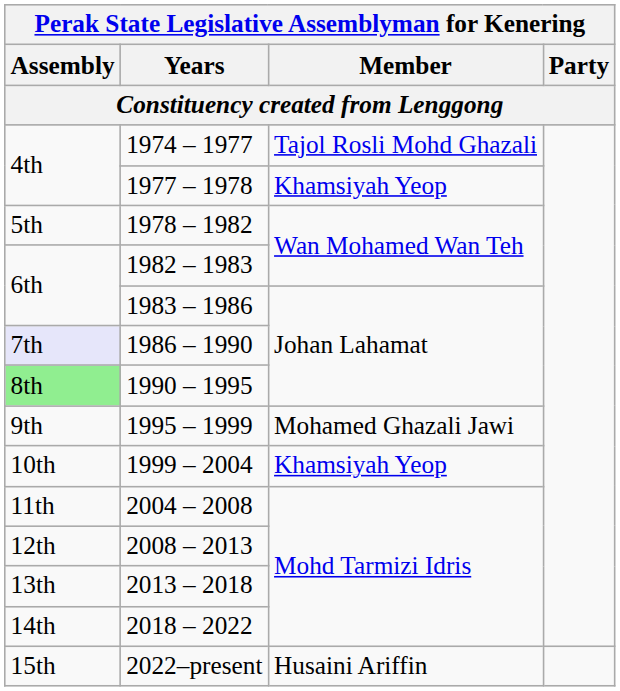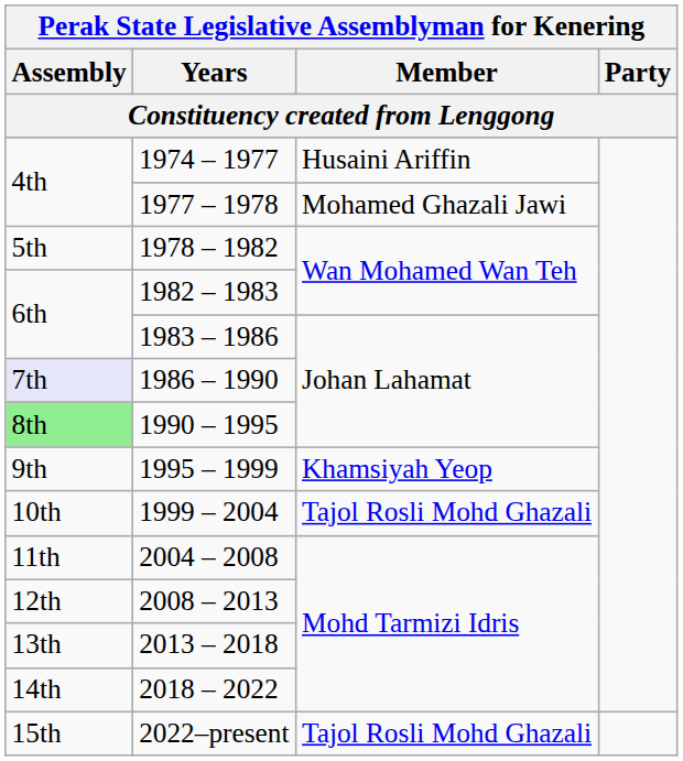 <table class="wikitable">
 <tr>
 <th colspan="4"><a href='#'>Perak State Legislative Assemblyman</a> for Kenering</th>
 </tr>
 <tr>
 <th>Assembly</th>
 <th>Years</th>
 <th>Member</th>
 <th>Party</th>
 </tr>
 <tr>
 <th colspan="4" align="center"><em>Constituency created from Lenggong</em></th>
 </tr>
 <tr>
 <td rowspan="2">4th</td>
 <td>1974 – 1977</td>
-<td><a href='#'>Tajol Rosli Mohd Ghazali</a></td>
+<td>Husaini Ariffin</td>
 <td rowspan="13"></td>
 </tr>
 <tr>
 <td>1977 – 1978</td>
-<td><a href='#'>Khamsiyah Yeop</a></td>
+<td>Mohamed Ghazali Jawi</td>
 </tr>
 <tr>
 <td>5th</td>
 <td>1978 – 1982</td>
 <td rowspan="2"><a href='#'>Wan Mohamed Wan Teh</a></td>
 </tr>
 <tr>
 <td rowspan="2">6th</td>
 <td>1982 – 1983</td>
 </tr>
 <tr>
 <td>1983 – 1986</td>
 <td rowspan="3">Johan Lahamat</td>
 </tr>
 <tr>
 <td style="background: lavender;">7th</td>
 <td>1986 – 1990</td>
 </tr>
 <tr>
 <td style="background: lightgreen;">8th</td>
 <td>1990 – 1995</td>
 </tr>
 <tr>
 <td>9th</td>
 <td>1995 – 1999</td>
-<td>Mohamed Ghazali Jawi</td>
+<td><a href='#'>Khamsiyah Yeop</a></td>
 </tr>
 <tr>
 <td>10th</td>
 <td>1999 – 2004</td>
-<td><a href='#'>Khamsiyah Yeop</a></td>
+<td><a href='#'>Tajol Rosli Mohd Ghazali</a></td>
 </tr>
 <tr>
 <td>11th</td>
 <td>2004 – 2008</td>
 <td rowspan="4"><a href='#'>Mohd Tarmizi Idris</a></td>
 </tr>
 <tr>
 <td>12th</td>
 <td>2008 – 2013</td>
 </tr>
 <tr>
 <td>13th</td>
 <td>2013 – 2018</td>
 </tr>
 <tr>
 <td>14th</td>
 <td>2018 – 2022</td>
 </tr>
 <tr>
 <td>15th</td>
 <td>2022–present</td>
-<td>Husaini Ariffin</td>
+<td><a href='#'>Tajol Rosli Mohd Ghazali</a></td>
 <td></td>
 </tr>
 </table>
